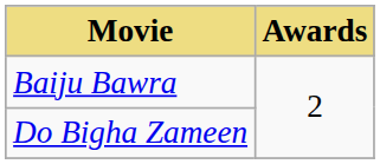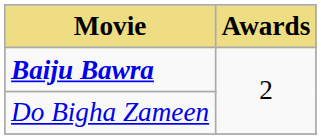 <table class="wikitable sortable" style="text-align:center">
 <tr>
 <th style="background:#EEDD82;">Movie</th>
 <th style="background:#EEDD82;">Awards</th>
 </tr>
 <tr>
-<td align="left"><em><a href='#'>Baiju Bawra</a></em></td>
+<td align="left"><strong><em><a href='#'>Baiju Bawra</a></em></strong></td>
 <td rowspan=2>2</td>
 </tr>
 <tr>
 <td align="left"><em><a href='#'>Do Bigha Zameen</a></em></td>
 </tr>
 </table>
